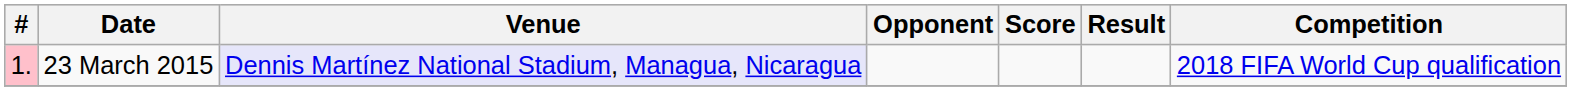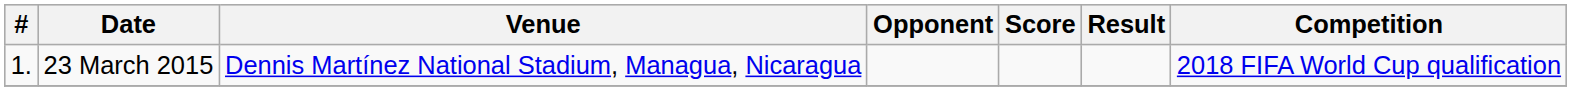 <table class="wikitable">
 <tr>
 <th>#</th>
 <th>Date</th>
 <th>Venue</th>
 <th>Opponent</th>
 <th>Score</th>
 <th>Result</th>
 <th>Competition</th>
 </tr>
 <tr>
-<td style="background: pink;">1.</td>
+<td>1.</td>
 <td>23 March 2015</td>
-<td style="background: lavender;"><a href='#'>Dennis Martínez National Stadium</a>, <a href='#'>Managua</a>, <a href='#'>Nicaragua</a></td>
+<td><a href='#'>Dennis Martínez National Stadium</a>, <a href='#'>Managua</a>, <a href='#'>Nicaragua</a></td>
 <td></td>
 <td></td>
 <td></td>
 <td><a href='#'>2018 FIFA World Cup qualification</a></td>
 </tr>
 <tr>
 </tr>
 </table>
